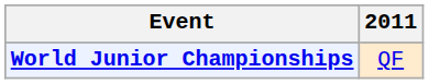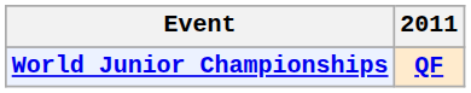 <table style='font-size: 90%; text-align:center;' class='wikitable'>
 <tr>
 <th>Event</th>
 <th>2011</th>
 </tr>
 <tr>
 <td bgcolor="#ECF2FF"; align="left"><strong><a href='#'>World Junior Championships</a></strong></td>
-<td bgcolor=FFEBCD><a href='#'>QF</a></td>
+<td bgcolor=FFEBCD><strong><a href='#'>QF</a></strong></td>
 </tr>
 </table>
